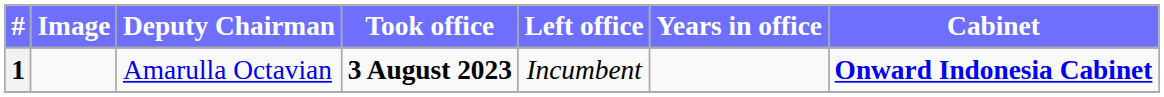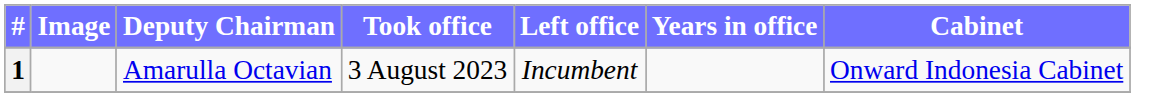 <table class="wikitable">
 <tr>
 <th style="background-color:#6f6fff; color:#ffffff;">#</th>
 <th style="background-color:#6f6fff; color:#ffffff;">Image</th>
 <th style="background-color:#6f6fff; color:#ffffff;">Deputy Chairman</th>
 <th style="background-color:#6f6fff; color:#ffffff;">Took office</th>
 <th style="background-color:#6f6fff; color:#ffffff;">Left office</th>
 <th style="background-color:#6f6fff; color:#ffffff;">Years in office</th>
 <th style="background-color:#6f6fff; color:#ffffff;">Cabinet</th>
 </tr>
 <tr>
 </tr>
 <tr>
 <th><strong>1</strong></th>
 <td></td>
 <td><a href='#'>Amarulla Octavian</a></td>
-<td style="text-align:center;"><strong>3 August 2023</strong></td>
+<td style="text-align:center;">3 August 2023</td>
 <td style="text-align:center;"><em>Incumbent</em></td>
 <td style="text-align:center;"></td>
-<td rowspan="1"><strong><a href='#'>Onward Indonesia Cabinet</a></strong></td>
+<td rowspan="1"><a href='#'>Onward Indonesia Cabinet</a></td>
 </tr>
 <tr>
 </tr>
 </table>
